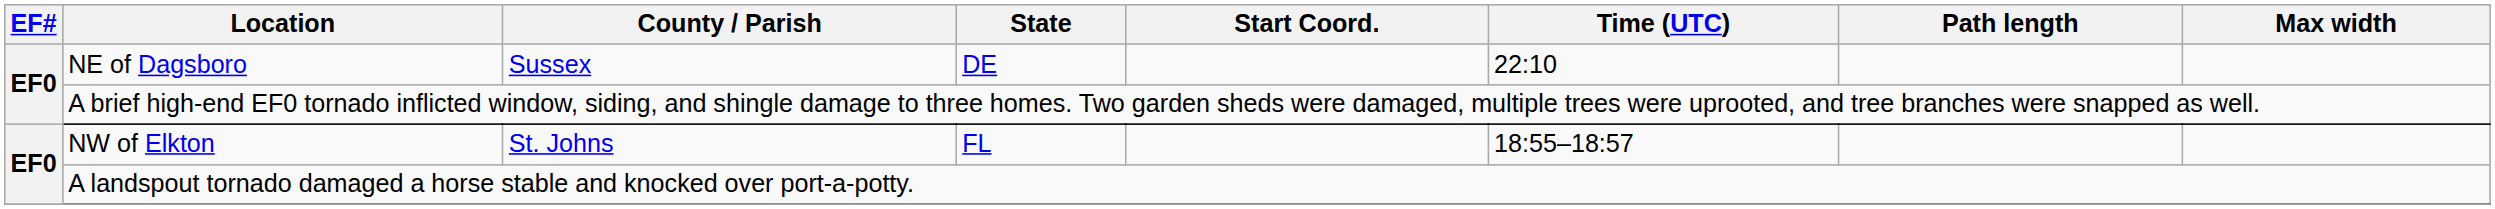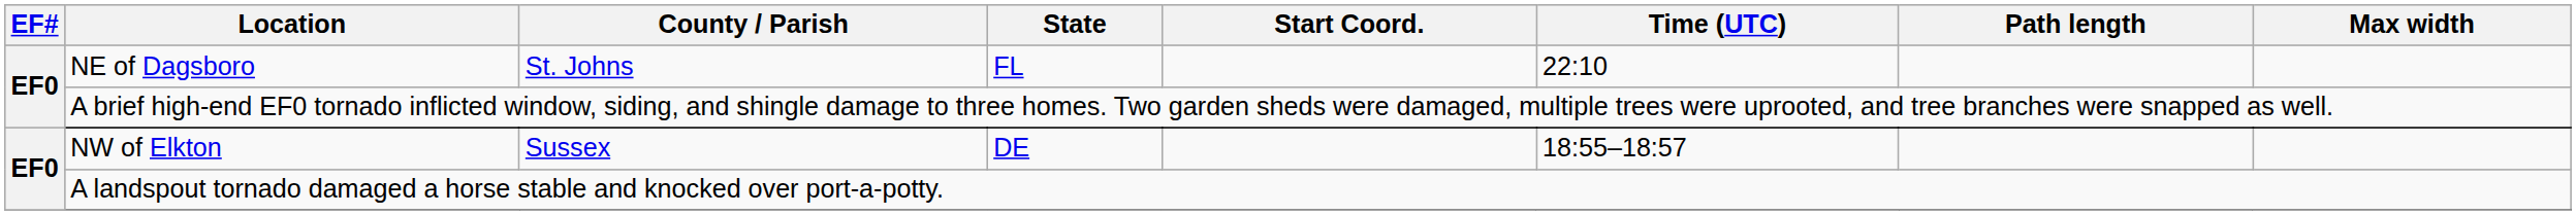 <table class="wikitable sortable" style="width:100%;">
 <tr>
 <th scope="col" width="2%" align="center"><a href='#'>EF#</a></th>
 <th scope="col" align="center" class="unsortable">Location</th>
 <th scope="col" align="center" class="unsortable">County / Parish</th>
 <th scope="col" align="center">State</th>
 <th scope="col" align="center">Start Coord.</th>
 <th scope="col" align="center">Time (<a href='#'>UTC</a>)</th>
 <th scope="col" align="center">Path length</th>
 <th scope="col" align="center">Max width</th>
 </tr>
 <tr>
 <th scope="row" rowspan="2" style="background-color:#">EF0</th>
 <td>NE of <a href='#'>Dagsboro</a></td>
-<td><a href='#'>Sussex</a></td>
-<td><a href='#'>DE</a></td>
+<td><a href='#'>St. Johns</a></td>
+<td><a href='#'>FL</a></td>
 <td></td>
 <td>22:10</td>
 <td></td>
 <td></td>
 </tr>
 <tr class="expand-child">
 <td colspan="8" style=" border-bottom: 1px solid black;">A brief high-end EF0 tornado inflicted window, siding, and shingle damage to three homes. Two garden sheds were damaged, multiple trees were uprooted, and tree branches were snapped as well.</td>
 </tr>
 <tr>
 <th scope="row" rowspan="2" style="background-color:#">EF0</th>
 <td>NW of <a href='#'>Elkton</a></td>
-<td><a href='#'>St. Johns</a></td>
-<td><a href='#'>FL</a></td>
+<td><a href='#'>Sussex</a></td>
+<td><a href='#'>DE</a></td>
 <td></td>
 <td>18:55–18:57</td>
 <td></td>
 <td></td>
 </tr>
 <tr class="expand-child">
 <td colspan="8" style=" border-bottom: 1px solid black;">A landspout tornado damaged a horse stable and knocked over port-a-potty.</td>
 </tr>
 <tr>
 </tr>
 </table>
